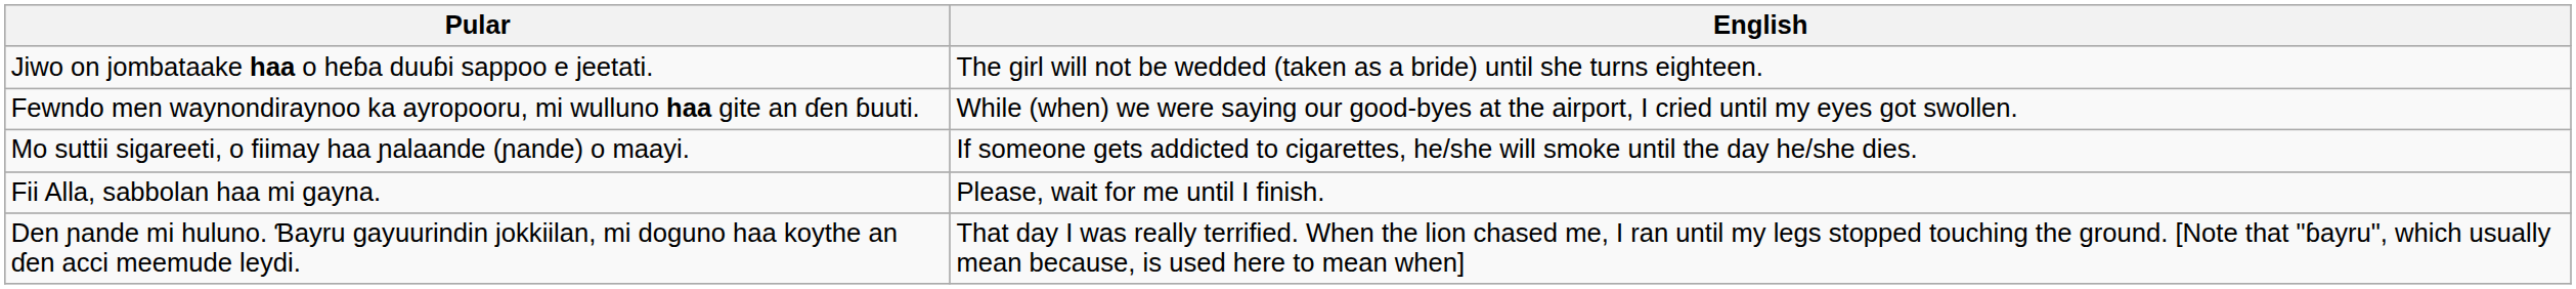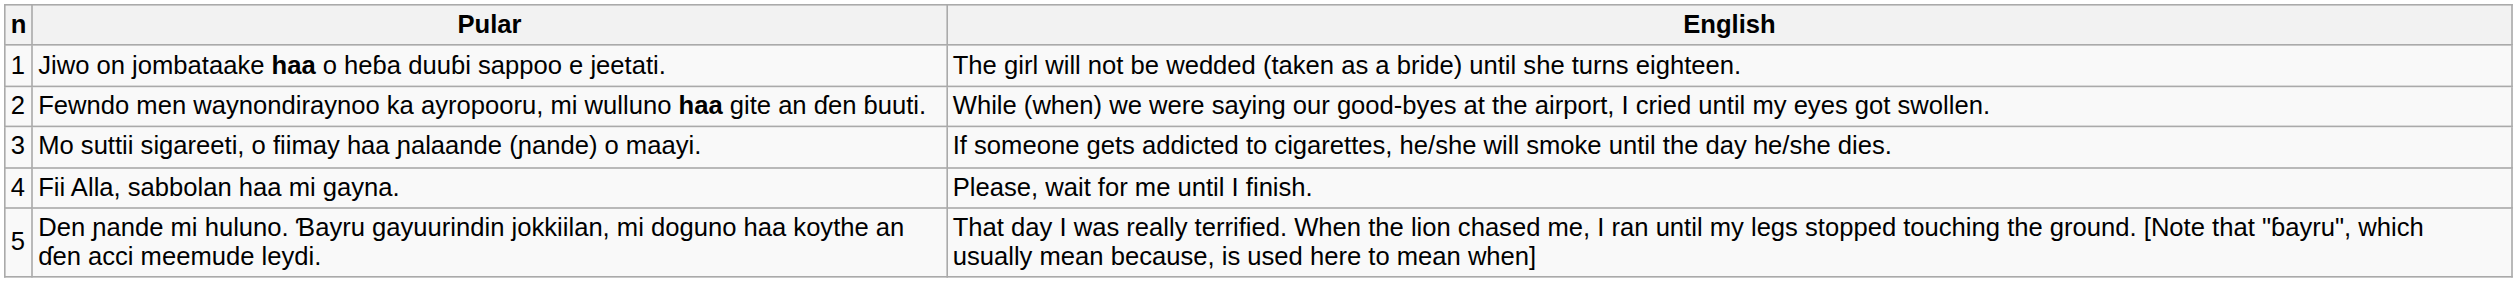 <table class="wikitable sortable">
 <tr>
+<th>n</th>
 <th>Pular</th>
 <th>English</th>
 </tr>
 <tr>
+<td>1</td>
 <td>Jiwo on jombataake <strong>haa</strong> o heɓa duuɓi sappoo e jeetati.</td>
 <td>The girl will not be wedded (taken as a bride) until she turns eighteen.</td>
 </tr>
 <tr>
+<td>2</td>
 <td>Fewndo men waynondiraynoo ka ayropooru, mi wulluno <strong>haa</strong> gite an ɗen ɓuuti.</td>
 <td>While (when) we were saying our good-byes at the airport, I cried until my eyes got swollen.</td>
 </tr>
 <tr>
+<td>3</td>
 <td>Mo suttii sigareeti, o fiimay haa ɲalaande (ɲande) o maayi.</td>
 <td>If someone gets addicted to cigarettes, he/she will smoke until the day he/she dies.</td>
 </tr>
 <tr>
+<td>4</td>
 <td>Fii Alla, sabbolan haa mi gayna.</td>
 <td>Please, wait for me until I finish.</td>
 </tr>
 <tr>
+<td>5</td>
 <td>Den ɲande mi huluno. Ɓayru gayuurindin jokkiilan, mi doguno haa koythe an ɗen acci meemude leydi.</td>
 <td>That day I was really terrified. When the lion chased me, I ran until my legs stopped touching the ground. [Note that "ɓayru", which usually mean because, is used here to mean when]</td>
 </tr>
 </table>
